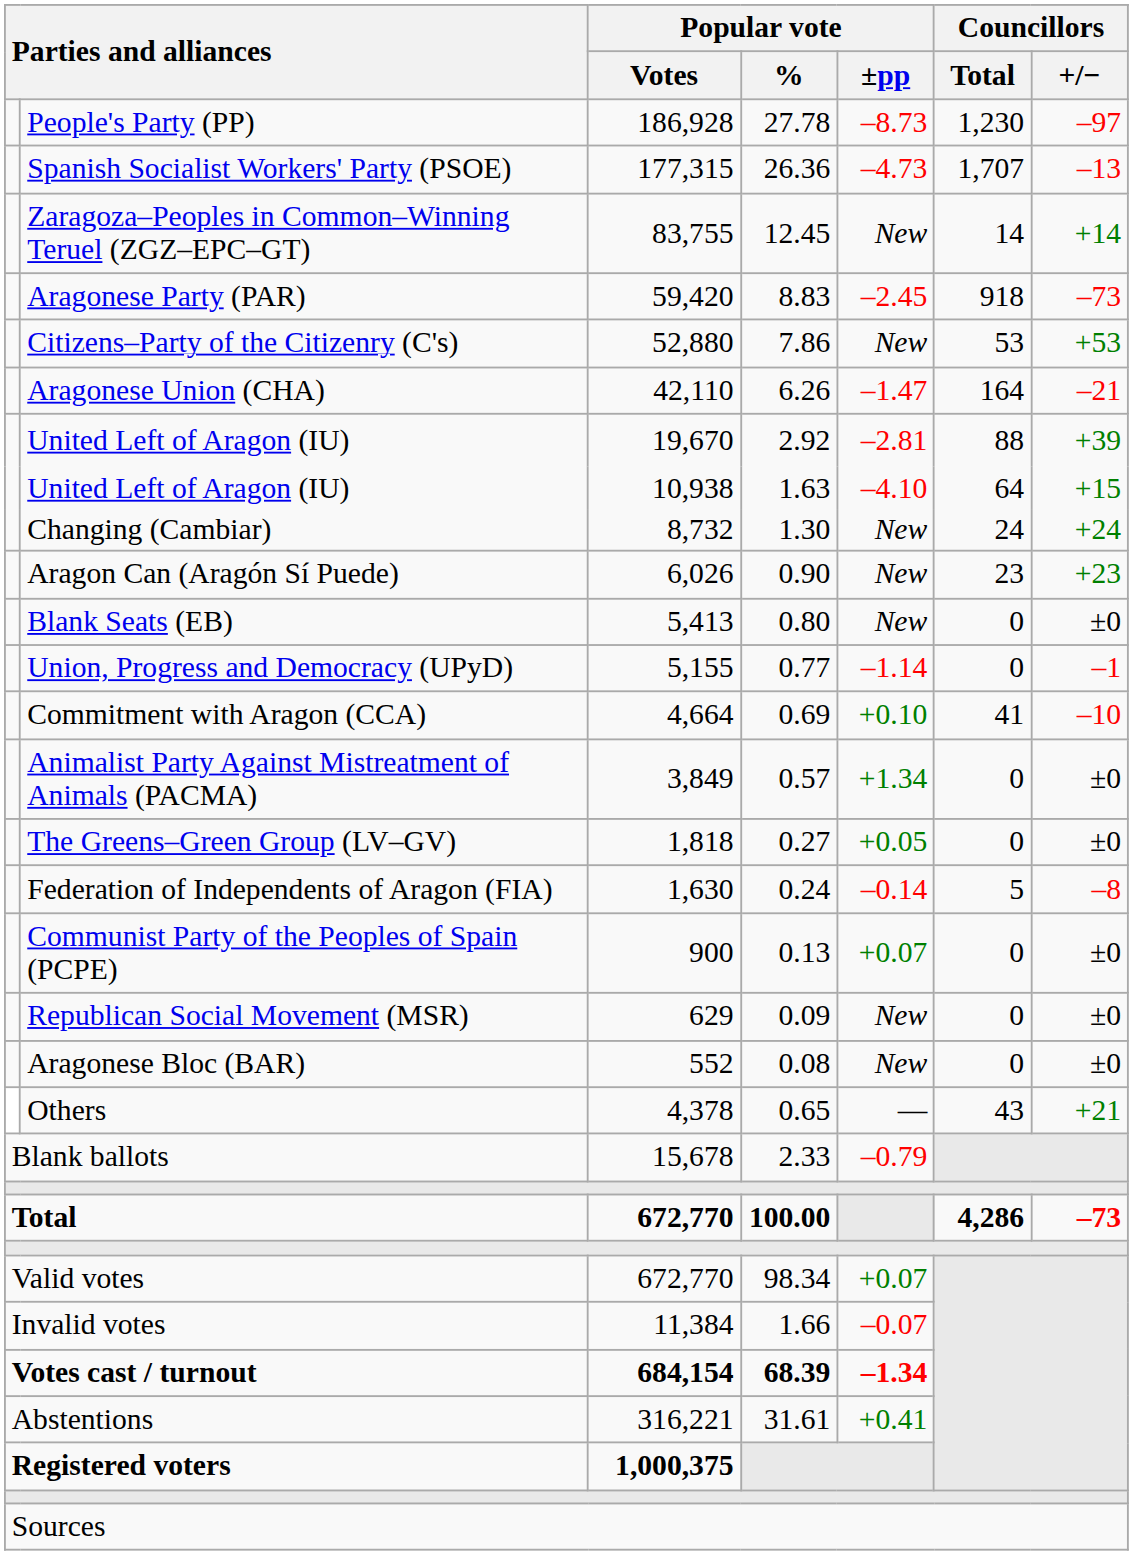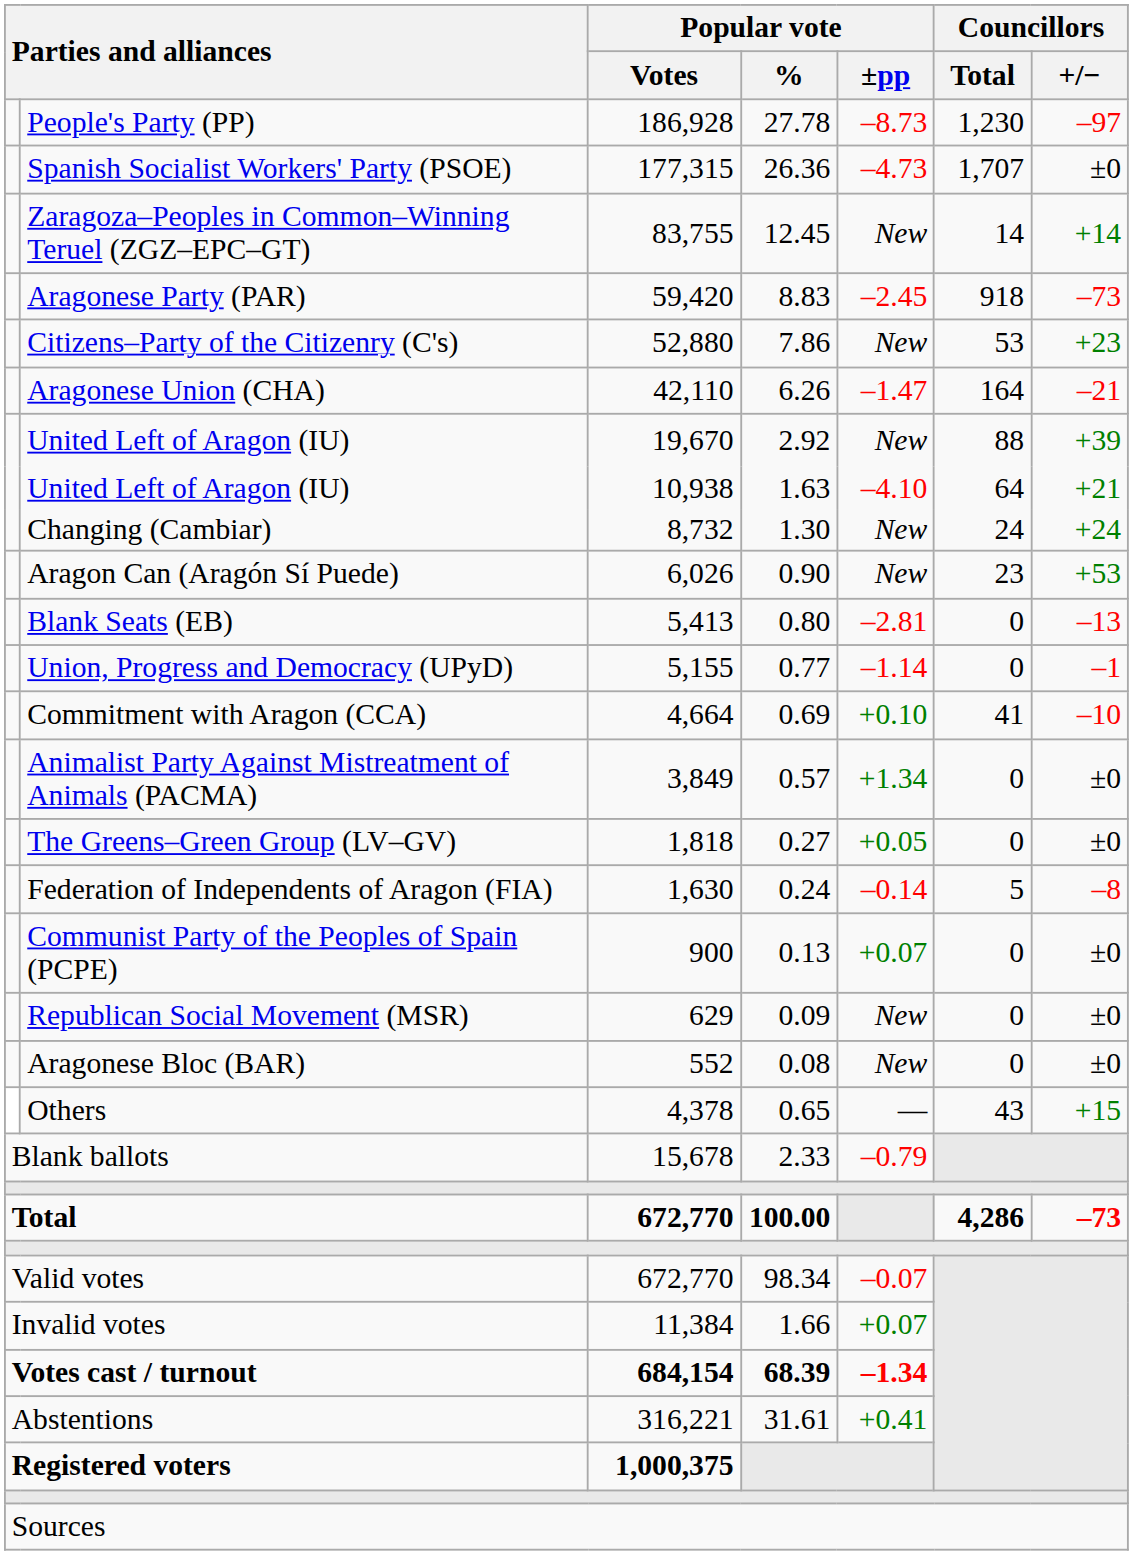 <table class="wikitable" style="text-align:right;">
 <tr>
 <th style="text-align:left;" rowspan="2" colspan="2" width="525">Parties and alliances</th>
 <th colspan="3">Popular vote</th>
 <th colspan="2">Councillors</th>
 </tr>
 <tr>
 <th width="75">Votes</th>
 <th width="45">%</th>
 <th width="45">±<a href='#'>pp</a></th>
 <th width="45">Total</th>
 <th width="45">+/−</th>
 </tr>
 <tr>
 <td width="1" style="color:inherit;background:"></td>
 <td align="left"><a href='#'>People's Party</a> (PP)</td>
 <td>186,928</td>
 <td>27.78</td>
 <td style="color:red;">–8.73</td>
 <td>1,230</td>
 <td style="color:red;">–97</td>
 </tr>
 <tr>
 <td style="color:inherit;background:"></td>
 <td align="left"><a href='#'>Spanish Socialist Workers' Party</a> (PSOE)</td>
 <td>177,315</td>
 <td>26.36</td>
 <td style="color:red;">–4.73</td>
 <td>1,707</td>
-<td style="color:red;">–13</td>
+<td>±0</td>
 </tr>
 <tr>
 <td style="color:inherit;background:"></td>
 <td align="left"><a href='#'>Zaragoza–Peoples in Common–Winning Teruel</a> (ZGZ–EPC–GT)</td>
 <td>83,755</td>
 <td>12.45</td>
 <td><em>New</em></td>
 <td>14</td>
 <td style="color:green;">+14</td>
 </tr>
 <tr>
 <td style="color:inherit;background:"></td>
 <td align="left"><a href='#'>Aragonese Party</a> (PAR)</td>
 <td>59,420</td>
 <td>8.83</td>
 <td style="color:red;">–2.45</td>
 <td>918</td>
 <td style="color:red;">–73</td>
 </tr>
 <tr>
 <td style="color:inherit;background:"></td>
 <td align="left"><a href='#'>Citizens–Party of the Citizenry</a> (C's)</td>
 <td>52,880</td>
 <td>7.86</td>
 <td><em>New</em></td>
 <td>53</td>
-<td style="color:green;">+53</td>
+<td style="color:green;">+23</td>
 </tr>
 <tr>
 <td style="color:inherit;background:"></td>
 <td align="left"><a href='#'>Aragonese Union</a> (CHA)</td>
 <td>42,110</td>
 <td>6.26</td>
 <td style="color:red;">–1.47</td>
 <td>164</td>
 <td style="color:red;">–21</td>
 </tr>
 <tr style="line-height:22px;">
 <td rowspan="3" style="color:inherit;background:"></td>
 <td align="left"><a href='#'>United Left of Aragon</a> (IU)</td>
 <td>19,670</td>
 <td>2.92</td>
-<td style="color:red;">–2.81</td>
+<td><em>New</em></td>
 <td>88</td>
 <td style="color:green;">+39</td>
 </tr>
 <tr style="border-bottom-style:hidden; border-top-style:hidden; line-height:16px;">
 <td align="left"><span><a href='#'>United Left of Aragon</a> (IU)</span></td>
 <td>10,938</td>
 <td>1.63</td>
 <td style="color:red;">–4.10</td>
 <td>64</td>
-<td style="color:green;">+15</td>
+<td style="color:green;">+21</td>
 </tr>
 <tr style="line-height:16px;">
 <td align="left"><span>Changing (Cambiar)</span></td>
 <td>8,732</td>
 <td>1.30</td>
 <td><em>New</em></td>
 <td>24</td>
 <td style="color:green;">+24</td>
 </tr>
 <tr>
 <td style="color:inherit;background:"></td>
 <td align="left">Aragon Can (Aragón Sí Puede)</td>
 <td>6,026</td>
 <td>0.90</td>
 <td><em>New</em></td>
 <td>23</td>
-<td style="color:green;">+23</td>
+<td style="color:green;">+53</td>
 </tr>
 <tr>
 <td style="color:inherit;background:"></td>
 <td align="left"><a href='#'>Blank Seats</a> (EB)</td>
 <td>5,413</td>
 <td>0.80</td>
-<td><em>New</em></td>
+<td style="color:red;">–2.81</td>
 <td>0</td>
-<td>±0</td>
+<td style="color:red;">–13</td>
 </tr>
 <tr>
 <td style="color:inherit;background:"></td>
 <td align="left"><a href='#'>Union, Progress and Democracy</a> (UPyD)</td>
 <td>5,155</td>
 <td>0.77</td>
 <td style="color:red;">–1.14</td>
 <td>0</td>
 <td style="color:red;">–1</td>
 </tr>
 <tr>
 <td style="color:inherit;background:"></td>
 <td align="left">Commitment with Aragon (CCA)</td>
 <td>4,664</td>
 <td>0.69</td>
 <td style="color:green;">+0.10</td>
 <td>41</td>
 <td style="color:red;">–10</td>
 </tr>
 <tr>
 <td style="color:inherit;background:"></td>
 <td align="left"><a href='#'>Animalist Party Against Mistreatment of Animals</a> (PACMA)</td>
 <td>3,849</td>
 <td>0.57</td>
 <td style="color:green;">+1.34</td>
 <td>0</td>
 <td>±0</td>
 </tr>
 <tr>
 <td style="color:inherit;background:"></td>
 <td align="left"><a href='#'>The Greens–Green Group</a> (LV–GV)</td>
 <td>1,818</td>
 <td>0.27</td>
 <td style="color:green;">+0.05</td>
 <td>0</td>
 <td>±0</td>
 </tr>
 <tr>
 <td style="color:inherit;background:"></td>
 <td align="left">Federation of Independents of Aragon (FIA)</td>
 <td>1,630</td>
 <td>0.24</td>
 <td style="color:red;">–0.14</td>
 <td>5</td>
 <td style="color:red;">–8</td>
 </tr>
 <tr>
 <td style="color:inherit;background:"></td>
 <td align="left"><a href='#'>Communist Party of the Peoples of Spain</a> (PCPE)</td>
 <td>900</td>
 <td>0.13</td>
 <td style="color:green;">+0.07</td>
 <td>0</td>
 <td>±0</td>
 </tr>
 <tr>
 <td style="color:inherit;background:"></td>
 <td align="left"><a href='#'>Republican Social Movement</a> (MSR)</td>
 <td>629</td>
 <td>0.09</td>
 <td><em>New</em></td>
 <td>0</td>
 <td>±0</td>
 </tr>
 <tr>
 <td style="color:inherit;background:"></td>
 <td align="left">Aragonese Bloc (BAR)</td>
 <td>552</td>
 <td>0.08</td>
 <td><em>New</em></td>
 <td>0</td>
 <td>±0</td>
 </tr>
 <tr>
 <td bgcolor="white"></td>
 <td align="left">Others</td>
 <td>4,378</td>
 <td>0.65</td>
 <td>—</td>
 <td>43</td>
-<td style="color:green;">+21</td>
+<td style="color:green;">+15</td>
 </tr>
 <tr>
 <td align="left" colspan="2">Blank ballots</td>
 <td>15,678</td>
 <td>2.33</td>
 <td style="color:red;">–0.79</td>
 <td bgcolor="#E9E9E9" colspan="2"></td>
 </tr>
 <tr>
 <td colspan="7" bgcolor="#E9E9E9"></td>
 </tr>
 <tr style="font-weight:bold;">
 <td align="left" colspan="2">Total</td>
 <td>672,770</td>
 <td>100.00</td>
 <td bgcolor="#E9E9E9"></td>
 <td>4,286</td>
 <td style="color:red;">–73</td>
 </tr>
 <tr>
 <td colspan="7" bgcolor="#E9E9E9"></td>
 </tr>
 <tr>
 <td align="left" colspan="2">Valid votes</td>
 <td>672,770</td>
 <td>98.34</td>
-<td style="color:green;">+0.07</td>
+<td style="color:red;">–0.07</td>
 <td bgcolor="#E9E9E9" colspan="2" rowspan="5"></td>
 </tr>
 <tr>
 <td align="left" colspan="2">Invalid votes</td>
 <td>11,384</td>
 <td>1.66</td>
-<td style="color:red;">–0.07</td>
+<td style="color:green;">+0.07</td>
 </tr>
 <tr style="font-weight:bold;">
 <td align="left" colspan="2">Votes cast / turnout</td>
 <td>684,154</td>
 <td>68.39</td>
 <td style="color:red;">–1.34</td>
 </tr>
 <tr>
 <td align="left" colspan="2">Abstentions</td>
 <td>316,221</td>
 <td>31.61</td>
 <td style="color:green;">+0.41</td>
 </tr>
 <tr style="font-weight:bold;">
 <td align="left" colspan="2">Registered voters</td>
 <td>1,000,375</td>
 <td bgcolor="#E9E9E9" colspan="2"></td>
 </tr>
 <tr>
 <td colspan="7" bgcolor="#E9E9E9"></td>
 </tr>
 <tr>
 <td align="left" colspan="7">Sources</td>
 </tr>
 </table>
